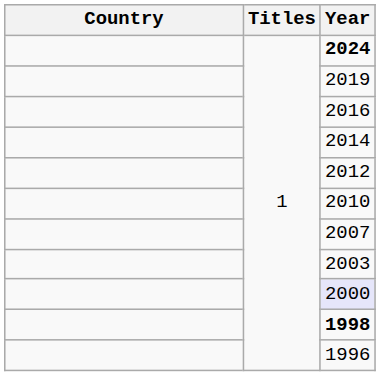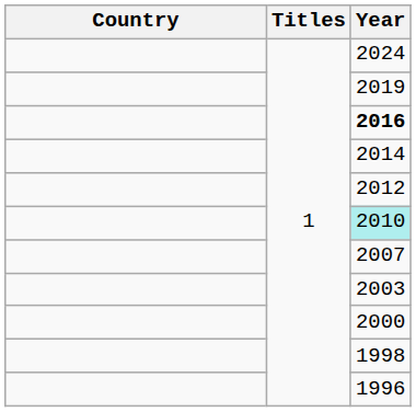 <table class="wikitable sortable" style="font-size: 95%;">
 <tr>
 <th width="150">Country</th>
 <th width="30">Titles</th>
 <th>Year</th>
 </tr>
 <tr>
 <td align="left"></td>
 <td rowspan="11" style="text-align:center;">1</td>
-<td><strong>2024</strong></td>
+<td>2024</td>
 </tr>
 <tr>
 <td align="left"></td>
 <td>2019</td>
 </tr>
 <tr>
 <td align="left"></td>
-<td>2016</td>
+<td><strong>2016</strong></td>
 </tr>
 <tr>
 <td align="left"></td>
 <td>2014</td>
 </tr>
 <tr>
 <td align="left"></td>
 <td>2012</td>
 </tr>
 <tr>
 <td align="left"></td>
-<td>2010</td>
+<td style="background: paleturquoise;">2010</td>
 </tr>
 <tr>
 <td align="left"></td>
 <td>2007</td>
 </tr>
 <tr>
 <td align="left"></td>
 <td>2003</td>
 </tr>
 <tr>
 <td align="left"></td>
-<td style="background: lavender;">2000</td>
+<td>2000</td>
 </tr>
 <tr>
 <td align="left"></td>
-<td><strong>1998</strong></td>
+<td>1998</td>
 </tr>
 <tr>
 <td align="left"></td>
 <td>1996</td>
 </tr>
 </table>
